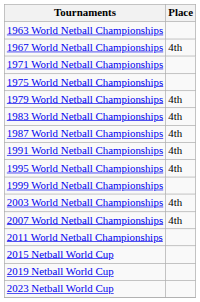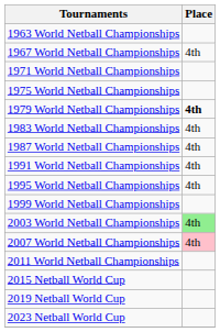 <table class="wikitable collapsible">
 <tr>
 <th>Tournaments</th>
 <th>Place</th>
 </tr>
 <tr>
 <td><a href='#'>1963 World Netball Championships</a></td>
 <td></td>
 </tr>
 <tr>
 <td><a href='#'>1967 World Netball Championships</a></td>
 <td>4th</td>
 </tr>
 <tr>
 <td><a href='#'>1971 World Netball Championships</a></td>
 <td></td>
 </tr>
 <tr>
 <td><a href='#'>1975 World Netball Championships</a></td>
 <td></td>
 </tr>
 <tr>
 <td><a href='#'>1979 World Netball Championships</a></td>
-<td>4th</td>
+<td><strong>4th</strong></td>
 </tr>
 <tr>
 <td><a href='#'>1983 World Netball Championships</a></td>
 <td>4th</td>
 </tr>
 <tr>
 <td><a href='#'>1987 World Netball Championships</a></td>
 <td>4th</td>
 </tr>
 <tr>
 <td><a href='#'>1991 World Netball Championships</a></td>
 <td>4th</td>
 </tr>
 <tr>
 <td><a href='#'>1995 World Netball Championships</a></td>
 <td>4th</td>
 </tr>
 <tr>
 <td><a href='#'>1999 World Netball Championships</a></td>
 <td></td>
 </tr>
 <tr>
 <td><a href='#'>2003 World Netball Championships</a></td>
-<td>4th</td>
+<td style="background: lightgreen;">4th</td>
 </tr>
 <tr>
 <td><a href='#'>2007 World Netball Championships</a></td>
-<td>4th</td>
+<td style="background: pink;">4th</td>
 </tr>
 <tr>
 <td><a href='#'>2011 World Netball Championships</a></td>
 <td></td>
 </tr>
 <tr>
 <td><a href='#'>2015 Netball World Cup</a></td>
 <td></td>
 </tr>
 <tr>
 <td><a href='#'>2019 Netball World Cup</a></td>
 <td></td>
 </tr>
 <tr>
 <td><a href='#'>2023 Netball World Cup</a></td>
 <td></td>
 </tr>
 <tr>
 </tr>
 </table>
